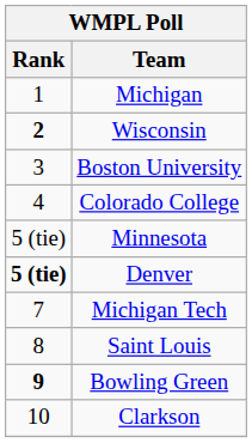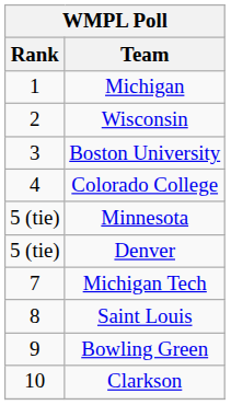 <table class="wikitable" style="text-align:center;">
 <tr>
 <th colspan=2><strong>WMPL Poll</strong></th>
 </tr>
 <tr>
 <th>Rank</th>
 <th>Team</th>
 </tr>
 <tr>
 <td>1</td>
 <td><a href='#'>Michigan</a></td>
 </tr>
 <tr>
-<td><strong>2</strong></td>
+<td>2</td>
 <td><a href='#'>Wisconsin</a></td>
 </tr>
 <tr>
 <td>3</td>
 <td><a href='#'>Boston University</a></td>
 </tr>
 <tr>
 <td>4</td>
 <td><a href='#'>Colorado College</a></td>
 </tr>
 <tr>
 <td>5 (tie)</td>
 <td><a href='#'>Minnesota</a></td>
 </tr>
 <tr>
-<td><strong>5 (tie)</strong></td>
+<td>5 (tie)</td>
 <td><a href='#'>Denver</a></td>
 </tr>
 <tr>
 <td>7</td>
 <td><a href='#'>Michigan Tech</a></td>
 </tr>
 <tr>
 <td>8</td>
 <td><a href='#'>Saint Louis</a></td>
 </tr>
 <tr>
-<td><strong>9</strong></td>
+<td>9</td>
 <td><a href='#'>Bowling Green</a></td>
 </tr>
 <tr>
 <td>10</td>
 <td><a href='#'>Clarkson</a></td>
 </tr>
 <tr>
 </tr>
 </table>
